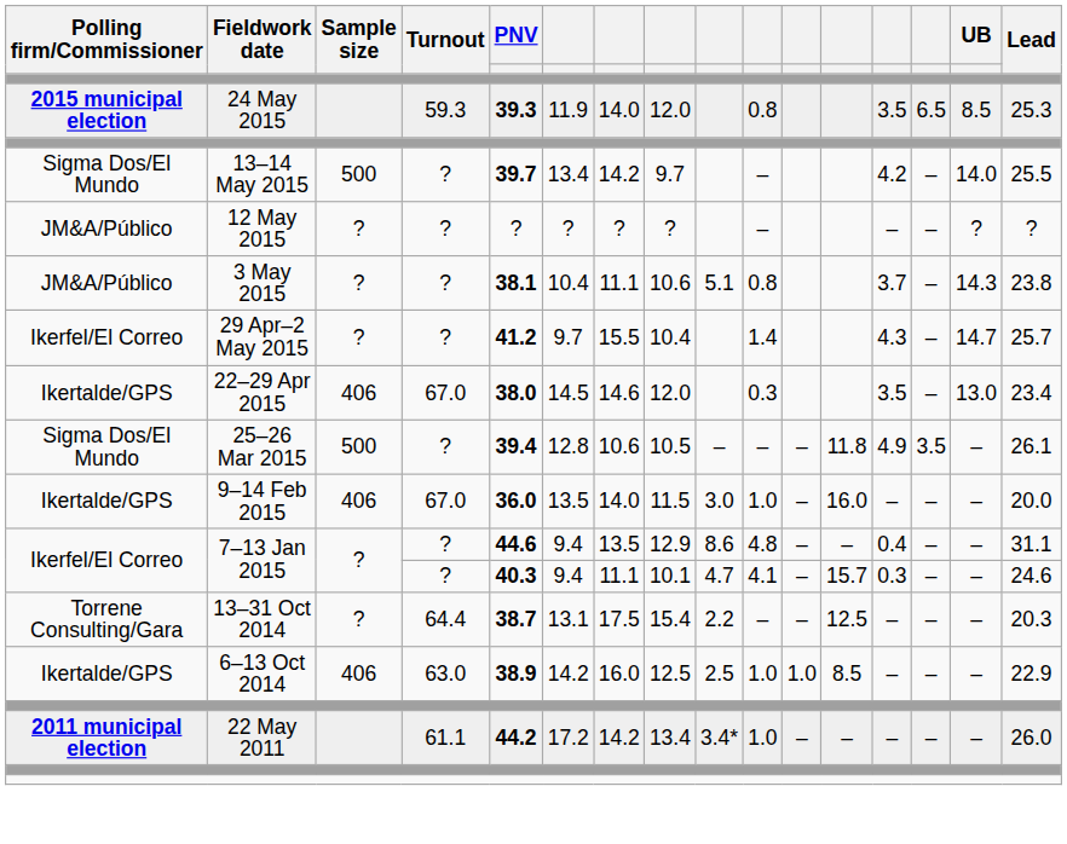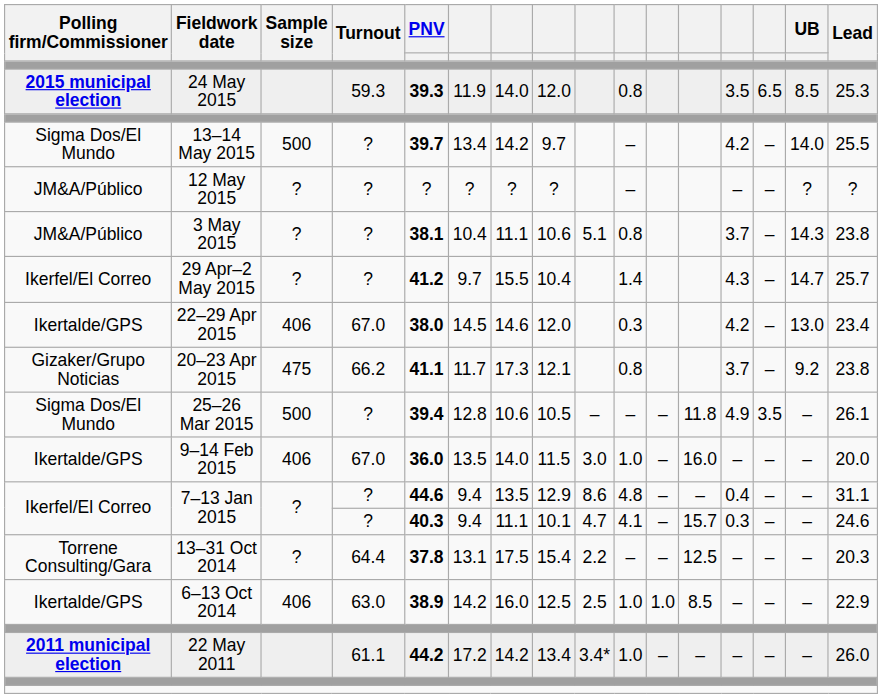 <table class="wikitable collapsible collapsed" style="text-align:center; font-size:95%; line-height:16px;">
 <tr style="height:42px;">
 <th style="width:250px;" rowspan="2">Polling firm/Commissioner</th>
 <th style="width:125px;" rowspan="2">Fieldwork date</th>
 <th style="width:50px;" rowspan="2">Sample size</th>
 <th style="width:45px;" rowspan="2">Turnout</th>
 <th style="width:35px;"><a href='#'>PNV</a></th>
 <th style="width:35px;"></th>
 <th style="width:35px;"></th>
 <th style="width:35px;"></th>
 <th style="width:35px;"></th>
 <th style="width:35px;"></th>
 <th style="width:35px;"></th>
 <th style="width:35px;"></th>
 <th style="width:35px;"></th>
 <th style="width:35px;"></th>
 <th style="width:35px;">UB</th>
 <th style="width:30px;" rowspan="2">Lead</th>
 </tr>
 <tr>
 <th style="color:inherit;background:"></th>
 <th style="color:inherit;background:"></th>
 <th style="color:inherit;background:"></th>
 <th style="color:inherit;background:"></th>
 <th style="color:inherit;background:"></th>
 <th style="color:inherit;background:"></th>
 <th style="color:inherit;background:"></th>
 <th style="color:inherit;background:"></th>
 <th style="color:inherit;background:"></th>
 <th style="color:inherit;background:"></th>
 <th style="color:inherit;background:"></th>
 </tr>
 <tr>
 <td colspan="16" style="background:#A0A0A0"></td>
 </tr>
 <tr style="background:#EFEFEF;">
 <td><strong><a href='#'>2015 municipal election</a></strong></td>
 <td>24 May 2015</td>
 <td></td>
 <td>59.3</td>
 <td><strong>39.3</strong><br></td>
 <td>11.9<br></td>
 <td>14.0<br></td>
 <td>12.0<br></td>
 <td></td>
 <td>0.8<br></td>
 <td></td>
 <td></td>
 <td>3.5<br></td>
 <td>6.5<br></td>
 <td>8.5<br></td>
 <td style="background:">25.3</td>
 </tr>
 <tr>
 <td colspan="16" style="background:#A0A0A0"></td>
 </tr>
 <tr>
 <td>Sigma Dos/El Mundo</td>
 <td>13–14 May 2015</td>
 <td>500</td>
 <td>?</td>
 <td><strong>39.7</strong><br></td>
 <td>13.4<br></td>
 <td>14.2<br></td>
 <td>9.7<br></td>
 <td></td>
 <td>–</td>
 <td></td>
 <td></td>
 <td>4.2<br></td>
 <td>–</td>
 <td>14.0<br></td>
 <td style="background:">25.5</td>
 </tr>
 <tr>
 <td>JM&A/Público</td>
 <td>12 May 2015</td>
 <td>?</td>
 <td>?</td>
 <td>?<br></td>
 <td>?<br></td>
 <td>?<br></td>
 <td>?<br></td>
 <td></td>
 <td>–</td>
 <td></td>
 <td></td>
 <td>–</td>
 <td>–</td>
 <td>?<br></td>
 <td style="background:">?</td>
 </tr>
 <tr>
 <td>JM&A/Público</td>
 <td>3 May 2015</td>
 <td>?</td>
 <td>?</td>
 <td><strong>38.1</strong><br></td>
 <td>10.4<br></td>
 <td>11.1<br></td>
 <td>10.6<br></td>
 <td>5.1<br></td>
 <td>0.8<br></td>
 <td></td>
 <td></td>
 <td>3.7<br></td>
 <td>–</td>
 <td>14.3<br></td>
 <td style="background:">23.8</td>
 </tr>
 <tr>
 <td>Ikerfel/El Correo</td>
 <td>29 Apr–2 May 2015</td>
 <td>?</td>
 <td>?</td>
 <td><strong>41.2</strong><br></td>
 <td>9.7<br></td>
 <td>15.5<br></td>
 <td>10.4<br></td>
 <td></td>
 <td>1.4<br></td>
 <td></td>
 <td></td>
 <td>4.3<br></td>
 <td>–</td>
 <td>14.7<br></td>
 <td style="background:">25.7</td>
 </tr>
 <tr>
 <td>Ikertalde/GPS</td>
 <td>22–29 Apr 2015</td>
 <td>406</td>
 <td>67.0</td>
 <td><strong>38.0</strong><br></td>
 <td>14.5<br></td>
 <td>14.6<br></td>
 <td>12.0<br></td>
 <td></td>
 <td>0.3<br></td>
 <td></td>
 <td></td>
-<td>3.5<br></td>
+<td>4.2<br></td>
 <td>–</td>
 <td>13.0<br></td>
 <td style="background:">23.4</td>
+</tr>
+<tr>
+<td>Gizaker/Grupo Noticias</td>
+<td>20–23 Apr 2015</td>
+<td>475</td>
+<td>66.2</td>
+<td><strong>41.1</strong><br></td>
+<td>11.7<br></td>
+<td>17.3<br></td>
+<td>12.1<br></td>
+<td></td>
+<td>0.8<br></td>
+<td></td>
+<td></td>
+<td>3.7<br></td>
+<td>–</td>
+<td>9.2<br></td>
+<td style="background:">23.8</td>
 </tr>
 <tr>
 <td>Sigma Dos/El Mundo</td>
 <td>25–26 Mar 2015</td>
 <td>500</td>
 <td>?</td>
 <td><strong>39.4</strong><br></td>
 <td>12.8<br></td>
 <td>10.6<br></td>
 <td>10.5<br></td>
 <td>–</td>
 <td>–</td>
 <td>–</td>
 <td>11.8<br></td>
 <td>4.9<br></td>
 <td>3.5<br></td>
 <td>–</td>
 <td style="background:">26.1</td>
 </tr>
 <tr>
 <td>Ikertalde/GPS</td>
 <td>9–14 Feb 2015</td>
 <td>406</td>
 <td>67.0</td>
 <td><strong>36.0</strong><br></td>
 <td>13.5<br></td>
 <td>14.0<br></td>
 <td>11.5<br></td>
 <td>3.0<br></td>
 <td>1.0<br></td>
 <td>–</td>
 <td>16.0<br></td>
 <td>–</td>
 <td>–</td>
 <td>–</td>
 <td style="background:">20.0</td>
 </tr>
 <tr>
 <td rowspan="2">Ikerfel/El Correo</td>
 <td rowspan="2">7–13 Jan 2015</td>
 <td rowspan="2">?</td>
 <td>?</td>
 <td><strong>44.6</strong><br></td>
 <td>9.4<br></td>
 <td>13.5<br></td>
 <td>12.9<br></td>
 <td>8.6<br></td>
 <td>4.8<br></td>
 <td>–</td>
 <td>–</td>
 <td>0.4<br></td>
 <td>–</td>
 <td>–</td>
 <td style="background:">31.1</td>
 </tr>
 <tr>
 <td>?</td>
 <td><strong>40.3</strong><br></td>
 <td>9.4<br></td>
 <td>11.1<br></td>
 <td>10.1<br></td>
 <td>4.7<br></td>
 <td>4.1<br></td>
 <td>–</td>
 <td>15.7<br></td>
 <td>0.3<br></td>
 <td>–</td>
 <td>–</td>
 <td style="background:">24.6</td>
 </tr>
 <tr>
 <td>Torrene Consulting/Gara</td>
 <td>13–31 Oct 2014</td>
 <td>?</td>
 <td>64.4</td>
-<td><strong>38.7</strong><br></td>
+<td><strong>37.8</strong><br></td>
 <td>13.1<br></td>
 <td>17.5<br></td>
 <td>15.4<br></td>
 <td>2.2<br></td>
 <td>–</td>
 <td>–</td>
 <td>12.5<br></td>
 <td>–</td>
 <td>–</td>
 <td>–</td>
 <td style="background:">20.3</td>
 </tr>
 <tr>
 <td>Ikertalde/GPS</td>
 <td>6–13 Oct 2014</td>
 <td>406</td>
 <td>63.0</td>
 <td><strong>38.9</strong><br></td>
 <td>14.2<br></td>
 <td>16.0<br></td>
 <td>12.5<br></td>
 <td>2.5<br></td>
 <td>1.0<br></td>
 <td>1.0<br></td>
 <td>8.5<br></td>
 <td>–</td>
 <td>–</td>
 <td>–</td>
 <td style="background:">22.9</td>
 </tr>
 <tr>
 <td colspan="16" style="background:#A0A0A0"></td>
 </tr>
 <tr style="background:#EFEFEF;">
 <td><strong><a href='#'>2011 municipal election</a></strong></td>
 <td>22 May 2011</td>
 <td></td>
 <td>61.1</td>
 <td><strong>44.2</strong><br></td>
 <td>17.2<br></td>
 <td>14.2<br></td>
 <td>13.4<br></td>
 <td>3.4*<br></td>
 <td>1.0<br></td>
 <td>–</td>
 <td>–</td>
 <td>–</td>
 <td>–</td>
 <td>–</td>
 <td style="background:">26.0</td>
 </tr>
 <tr>
 <td colspan="16" style="background:#A0A0A0"></td>
 </tr>
 <tr>
 <td align="left" colspan="16"></td>
 </tr>
 </table>
